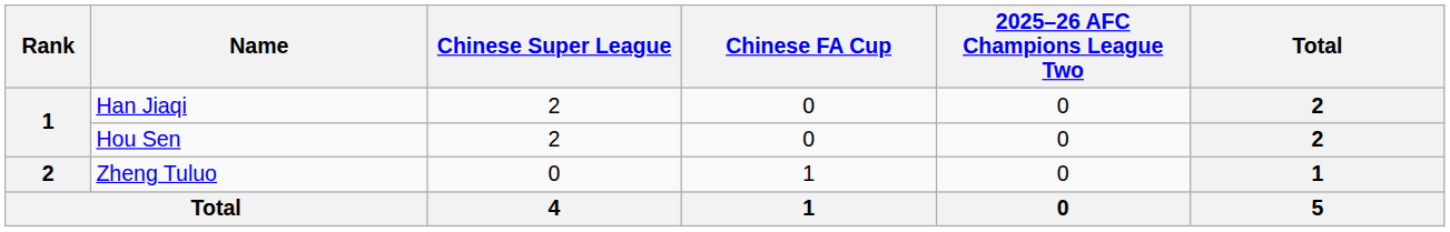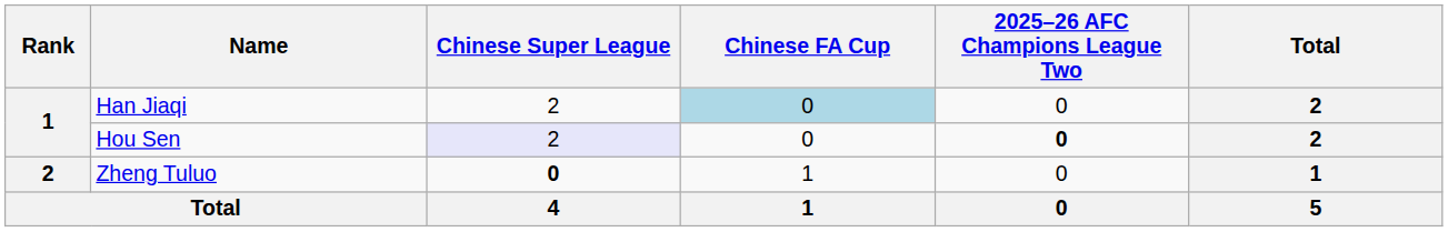 <table class="wikitable" style="text-align: center;">
 <tr>
 <th style="width:56px;">Rank</th>
 <th style="width:240px;">Name</th>
 <th style="width:180px;"><a href='#'>Chinese Super League</a></th>
 <th style="width:180px;"><a href='#'>Chinese FA Cup</a></th>
 <th style="width:180px;"><a href='#'>2025–26 AFC Champions League Two</a></th>
 <th style="width:180px;"><strong>Total</strong></th>
 </tr>
 <tr>
 <th rowspan="2">1</th>
 <td align="left"> <a href='#'>Han Jiaqi</a></td>
 <td>2</td>
-<td>0</td>
+<td style="background: lightblue;">0</td>
 <td>0</td>
 <th>2</th>
 </tr>
 <tr>
 <td align="left"> <a href='#'>Hou Sen</a></td>
-<td>2</td>
+<td style="background: lavender;">2</td>
 <td>0</td>
-<td>0</td>
+<td><strong>0</strong></td>
 <th>2</th>
 </tr>
 <tr>
 <th>2</th>
 <td align="left"> <a href='#'>Zheng Tuluo</a></td>
-<td>0</td>
+<td><strong>0</strong></td>
 <td>1</td>
 <td>0</td>
 <th>1</th>
 </tr>
 <tr>
 <th colspan="2"><strong>Total</strong></th>
 <th>4</th>
 <th>1</th>
 <th>0</th>
 <th>5</th>
 </tr>
 </table>
